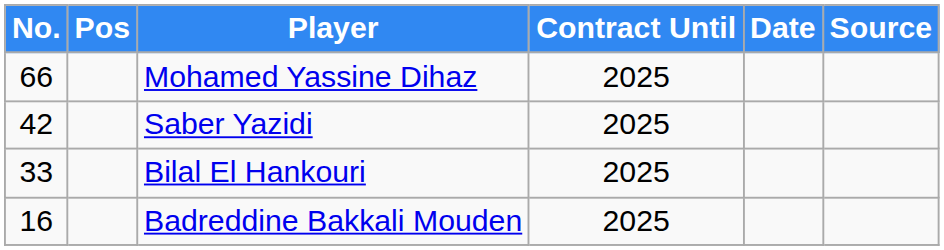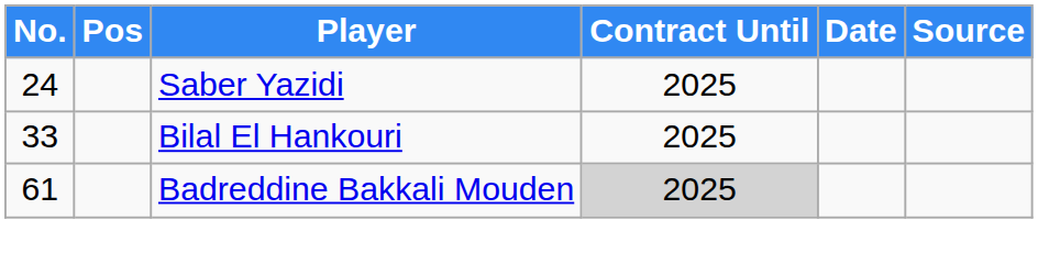 <table class="wikitable plainrowheaders sortable">
 <tr>
 <th style="background:#3088f2; color:#ffffff; ">No.</th>
 <th style="background:#3088f2; color:#ffffff; ">Pos</th>
 <th style="background:#3088f2; color:#ffffff; ">Player</th>
 <th style="background:#3088f2; color:#ffffff; ">Contract Until</th>
 <th style="background:#3088f2; color:#ffffff; ">Date</th>
 <th style="background:#3088f2; color:#ffffff; ">Source</th>
 </tr>
 <tr>
-<td align=center>66</td>
-<td align=center></td>
-<td> <a href='#'>Mohamed Yassine Dihaz</a></td>
-<td style="text-align:center;">2025</td>
-<td></td>
-<td></td>
-</tr>
-<tr>
-<td align=center>42</td>
+<td align=center>24</td>
 <td align=center></td>
 <td> <a href='#'>Saber Yazidi</a></td>
 <td style="text-align:center;">2025</td>
 <td></td>
 <td></td>
 </tr>
 <tr>
 <td align=center>33</td>
 <td align=center></td>
 <td> <a href='#'>Bilal El Hankouri</a></td>
 <td style="text-align:center;">2025</td>
 <td></td>
 <td></td>
 </tr>
 <tr>
-<td align=center>16</td>
+<td align=center>61</td>
 <td align=center></td>
 <td> <a href='#'>Badreddine Bakkali Mouden</a></td>
-<td style="text-align:center;">2025</td>
+<td style="background: lightgrey; text-align:center;">2025</td>
 <td></td>
 <td></td>
 </tr>
 </table>
